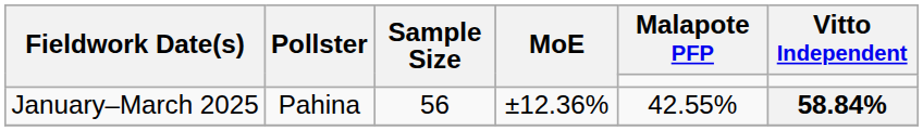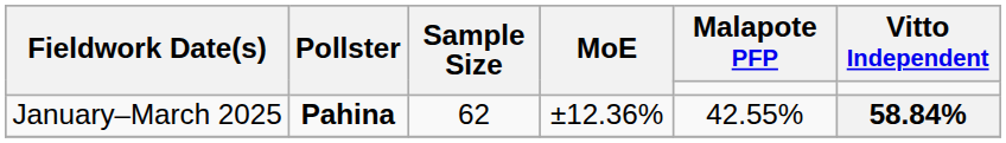 <table class="wikitable" style="text-align:center;font-size:90%;line-height:15px">
 <tr>
 <th rowspan="2">Fieldwork Date(s)</th>
 <th rowspan="2">Pollster</th>
 <th rowspan="2" style="width:60px;">Sample Size</th>
 <th rowspan="2" style="width:60px;">MoE</th>
 <th style="width:75px;">Malapote<br><small><a href='#'>PFP</a></small></th>
 <th style="width:75px;">Vitto<br><small><a href='#'>Independent</a></small></th>
 </tr>
 <tr>
 <td style="background:"></td>
 <td style="background:"></td>
 </tr>
 <tr>
 <td>January–March 2025</td>
-<td>Pahina</td>
-<td>56</td>
+<td><strong>Pahina</strong></td>
+<td>62</td>
 <td>±12.36%</td>
 <td>42.55%</td>
 <th style="background-color:#">58.84%</th>
 </tr>
 <tr>
 </tr>
 </table>
